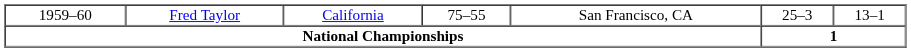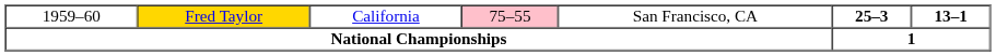 <table cellpadding="1" border="1" cellspacing="0" width="60%" style="text-align:center;">
 <tr align="center">
 </tr>
 <tr align="center">
 <td>1959–60</td>
-<td><a href='#'>Fred Taylor</a></td>
+<td style="background: gold;"><a href='#'>Fred Taylor</a></td>
 <td><a href='#'>California</a></td>
-<td>75–55</td>
+<td style="background: pink;">75–55</td>
 <td>San Francisco, CA</td>
-<td>25–3</td>
-<td>13–1</td>
+<td><strong>25–3</strong></td>
+<td><strong>13–1</strong></td>
 </tr>
 <tr align="center">
 <td colspan=5><strong>National Championships</strong></td>
 <td colspan=2><strong>1</strong></td>
 </tr>
 </table>
